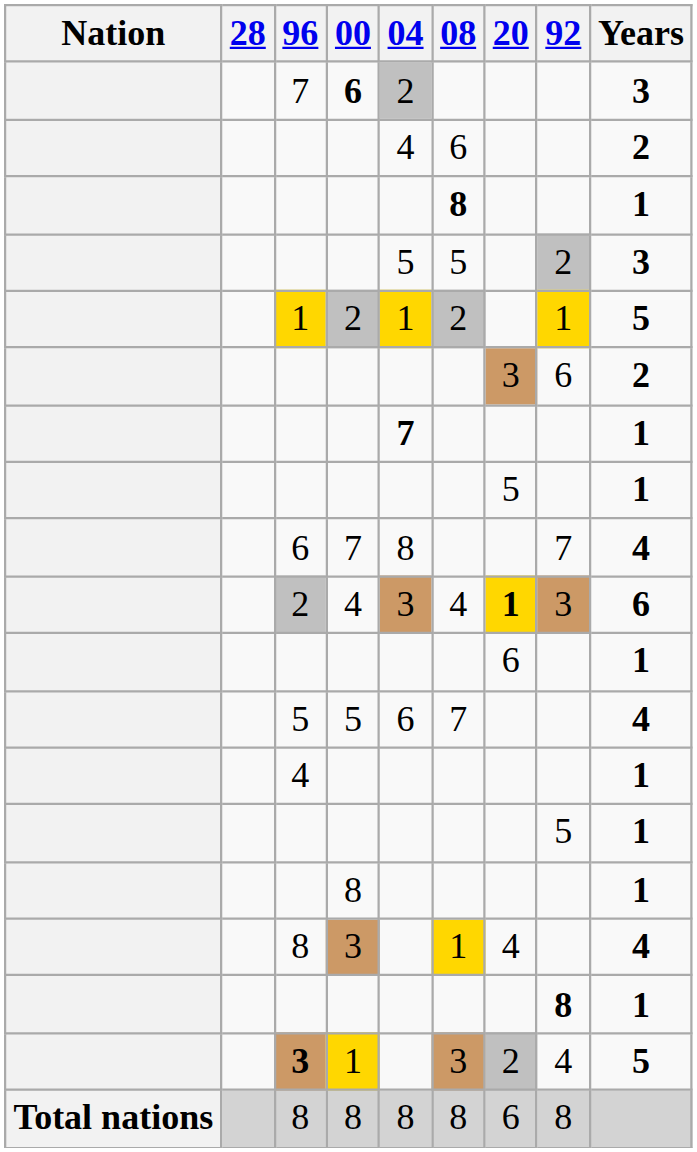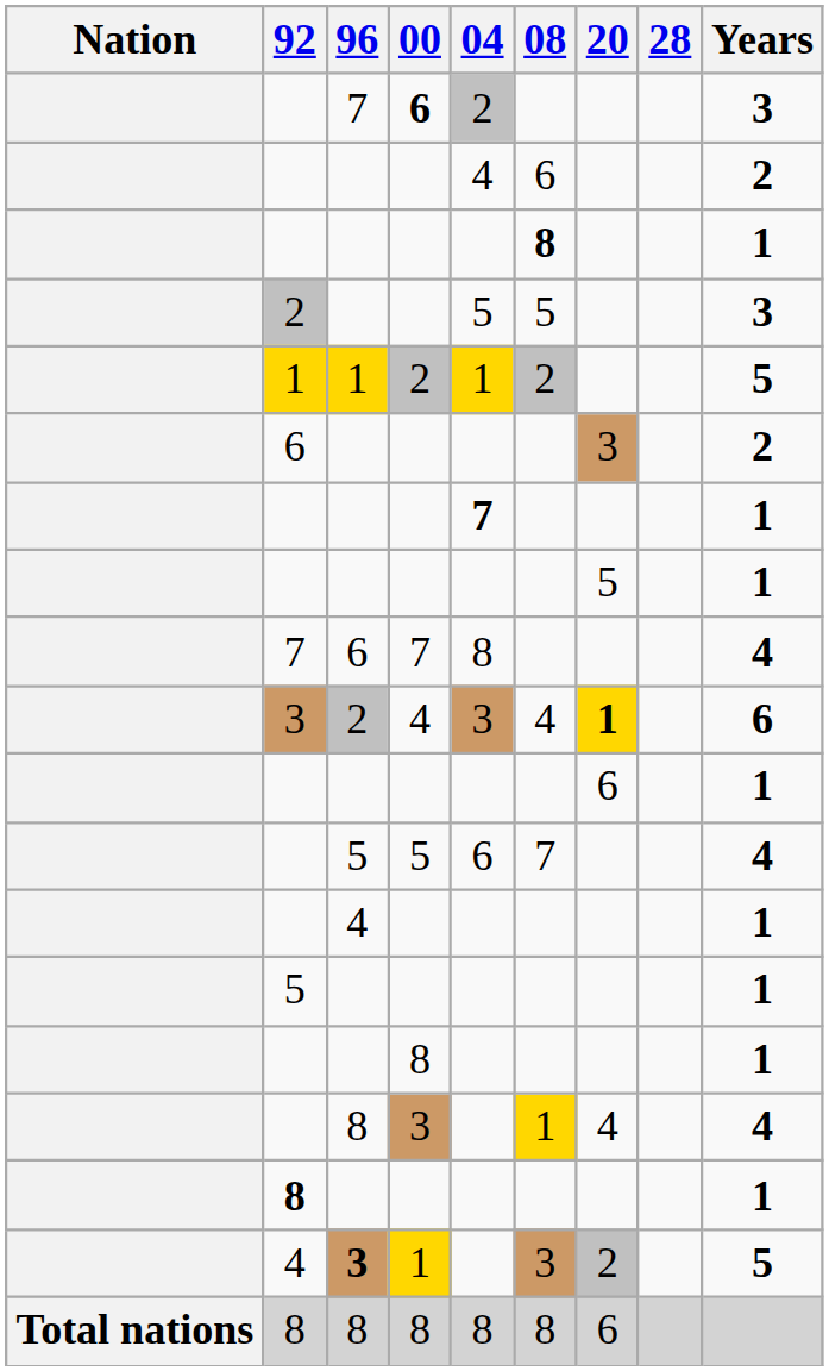 <table class="wikitable sortable plainrowheaders sticky-header" style="text-align:center">
 <tr>
 <th scope="col">Nation</th>
-<th scope="col"><a href='#'>28</a></th>
+<th scope="col"><a href='#'>92</a></th>
 <th scope="col"><a href='#'>96</a></th>
 <th scope="col"><a href='#'>00</a></th>
 <th scope="col"><a href='#'>04</a></th>
 <th scope="col"><a href='#'>08</a></th>
 <th scope="col"><a href='#'>20</a></th>
-<th scope="col"><a href='#'>92</a></th>
+<th scope="col"><a href='#'>28</a></th>
 <th scope="col">Years</th>
 </tr>
 <tr>
 <th scope="row"></th>
 <td></td>
 <td>7</td>
 <td><strong>6</strong></td>
 <td bgcolor=silver>2</td>
 <td></td>
 <td></td>
 <td></td>
 <td><strong>3</strong></td>
 </tr>
 <tr>
 <th scope="row"></th>
 <td></td>
 <td></td>
 <td></td>
 <td>4</td>
 <td>6</td>
 <td></td>
 <td></td>
 <td><strong>2</strong></td>
 </tr>
 <tr>
 <th scope="row"></th>
 <td></td>
 <td></td>
 <td></td>
 <td></td>
 <td><strong>8</strong></td>
 <td></td>
 <td></td>
 <td><strong>1</strong></td>
 </tr>
 <tr>
 <th scope="row"></th>
-<td></td>
+<td bgcolor=silver>2</td>
 <td></td>
 <td></td>
 <td>5</td>
 <td>5</td>
 <td></td>
-<td bgcolor=silver>2</td>
+<td></td>
 <td><strong>3</strong></td>
 </tr>
 <tr>
 <th scope="row"></th>
-<td></td>
+<td bgcolor=gold>1</td>
 <td bgcolor=gold>1</td>
 <td bgcolor=silver>2</td>
 <td bgcolor=gold>1</td>
 <td bgcolor=silver>2</td>
 <td></td>
-<td bgcolor=gold>1</td>
+<td></td>
 <td><strong>5</strong></td>
 </tr>
 <tr>
 <th scope="row"></th>
-<td></td>
+<td>6</td>
 <td></td>
 <td></td>
 <td></td>
 <td></td>
 <td bgcolor=cc9966>3</td>
-<td>6</td>
+<td></td>
 <td><strong>2</strong></td>
 </tr>
 <tr>
 <th scope="row"></th>
 <td></td>
 <td></td>
 <td></td>
 <td><strong>7</strong></td>
 <td></td>
 <td></td>
 <td></td>
 <td><strong>1</strong></td>
 </tr>
 <tr>
 <th scope="row"></th>
 <td></td>
 <td></td>
 <td></td>
 <td></td>
 <td></td>
 <td>5</td>
 <td></td>
 <td><strong>1</strong></td>
 </tr>
 <tr>
 <th scope="row"></th>
-<td></td>
+<td>7</td>
 <td>6</td>
 <td>7</td>
 <td>8</td>
 <td></td>
 <td></td>
-<td>7</td>
+<td></td>
 <td><strong>4</strong></td>
 </tr>
 <tr>
 <th scope="row"></th>
-<td></td>
+<td bgcolor=cc9966>3</td>
 <td bgcolor=silver>2</td>
 <td>4</td>
 <td bgcolor=cc9966>3</td>
 <td>4</td>
 <td bgcolor=gold><strong>1</strong></td>
-<td bgcolor=cc9966>3</td>
+<td></td>
 <td><strong>6</strong></td>
 </tr>
 <tr>
 <th scope="row"></th>
 <td></td>
 <td></td>
 <td></td>
 <td></td>
 <td></td>
 <td>6</td>
 <td></td>
 <td><strong>1</strong></td>
 </tr>
 <tr>
 <th scope="row"></th>
 <td></td>
 <td>5</td>
 <td>5</td>
 <td>6</td>
 <td>7</td>
 <td></td>
 <td></td>
 <td><strong>4</strong></td>
 </tr>
 <tr>
 <th scope="row"></th>
 <td></td>
 <td>4</td>
 <td></td>
 <td></td>
 <td></td>
 <td></td>
 <td></td>
 <td><strong>1</strong></td>
 </tr>
 <tr>
 <th scope="row"></th>
+<td>5</td>
 <td></td>
 <td></td>
 <td></td>
 <td></td>
 <td></td>
 <td></td>
-<td>5</td>
 <td><strong>1</strong></td>
 </tr>
 <tr>
 <th scope="row"></th>
 <td></td>
 <td></td>
 <td>8</td>
 <td></td>
 <td></td>
 <td></td>
 <td></td>
 <td><strong>1</strong></td>
 </tr>
 <tr>
 <th scope="row"></th>
 <td></td>
 <td>8</td>
 <td bgcolor=cc9966>3</td>
 <td></td>
 <td bgcolor=gold>1</td>
 <td>4</td>
 <td></td>
 <td><strong>4</strong></td>
 </tr>
 <tr>
 <th scope="row"></th>
+<td><strong>8</strong></td>
 <td></td>
 <td></td>
 <td></td>
 <td></td>
 <td></td>
 <td></td>
-<td><strong>8</strong></td>
 <td><strong>1</strong></td>
 </tr>
 <tr>
 <th scope="row"></th>
-<td></td>
+<td>4</td>
 <td bgcolor=cc9966><strong>3</strong></td>
 <td bgcolor=gold>1</td>
 <td></td>
 <td bgcolor=cc9966>3</td>
 <td bgcolor=silver>2</td>
-<td>4</td>
+<td></td>
 <td><strong>5</strong></td>
 </tr>
 <tr bgcolor=lightgray>
 <th scope="row"><strong>Total nations</strong></th>
-<td></td>
+<td>8</td>
 <td>8</td>
 <td>8</td>
 <td>8</td>
 <td>8</td>
 <td>6</td>
-<td>8</td>
+<td></td>
 <td></td>
 </tr>
 </table>
